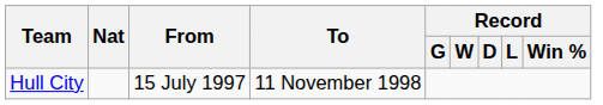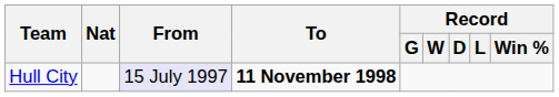 <table class="wikitable" style="text-align:center">
 <tr>
 <th rowspan="2">Team</th>
 <th rowspan="2">Nat</th>
 <th rowspan="2">From</th>
 <th rowspan="2">To</th>
 <th colspan="5">Record</th>
 </tr>
 <tr>
 <th>G</th>
 <th>W</th>
 <th>D</th>
 <th>L</th>
 <th>Win %</th>
 </tr>
 <tr>
 <td align=left><a href='#'>Hull City</a></td>
 <td></td>
-<td align=left>15 July 1997</td>
-<td align=left>11 November 1998<br></td>
+<td align=left style="background: lavender;">15 July 1997</td>
+<td align=left><strong>11 November 1998<br></strong></td>
 </tr>
 </table>
